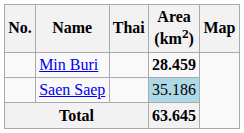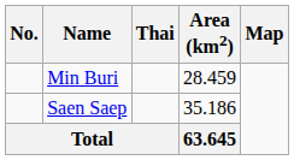 <table class="wikitable sortable">
 <tr>
 <th>No.</th>
 <th>Name</th>
 <th>Thai</th>
 <th>Area<br>(km<sup>2</sup>)</th>
 <th>Map</th>
 </tr>
 <tr>
 <td></td>
 <td><a href='#'>Min Buri</a></td>
 <td></td>
-<td><strong><div>28.459</div></strong></td>
+<td><div>28.459</div></td>
 <td rowspan=3></td>
 </tr>
 <tr>
 <td></td>
 <td><a href='#'>Saen Saep</a></td>
 <td></td>
-<td style="background: lightblue;"><div>35.186</div></td>
+<td><div>35.186</div></td>
 </tr>
 <tr>
 <th colspan=3>Total</th>
 <th><div>63.645</div></th>
 </tr>
 </table>
